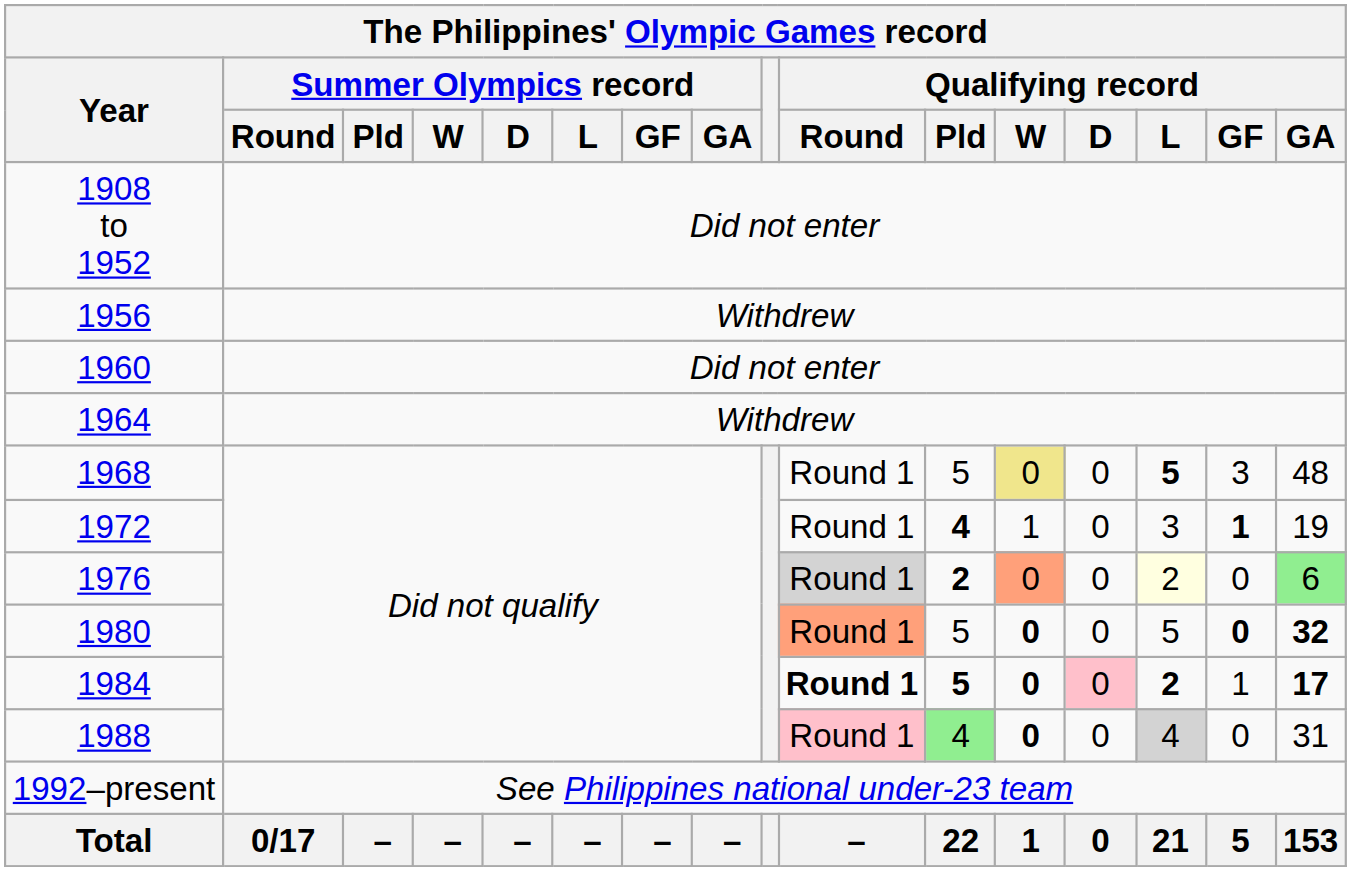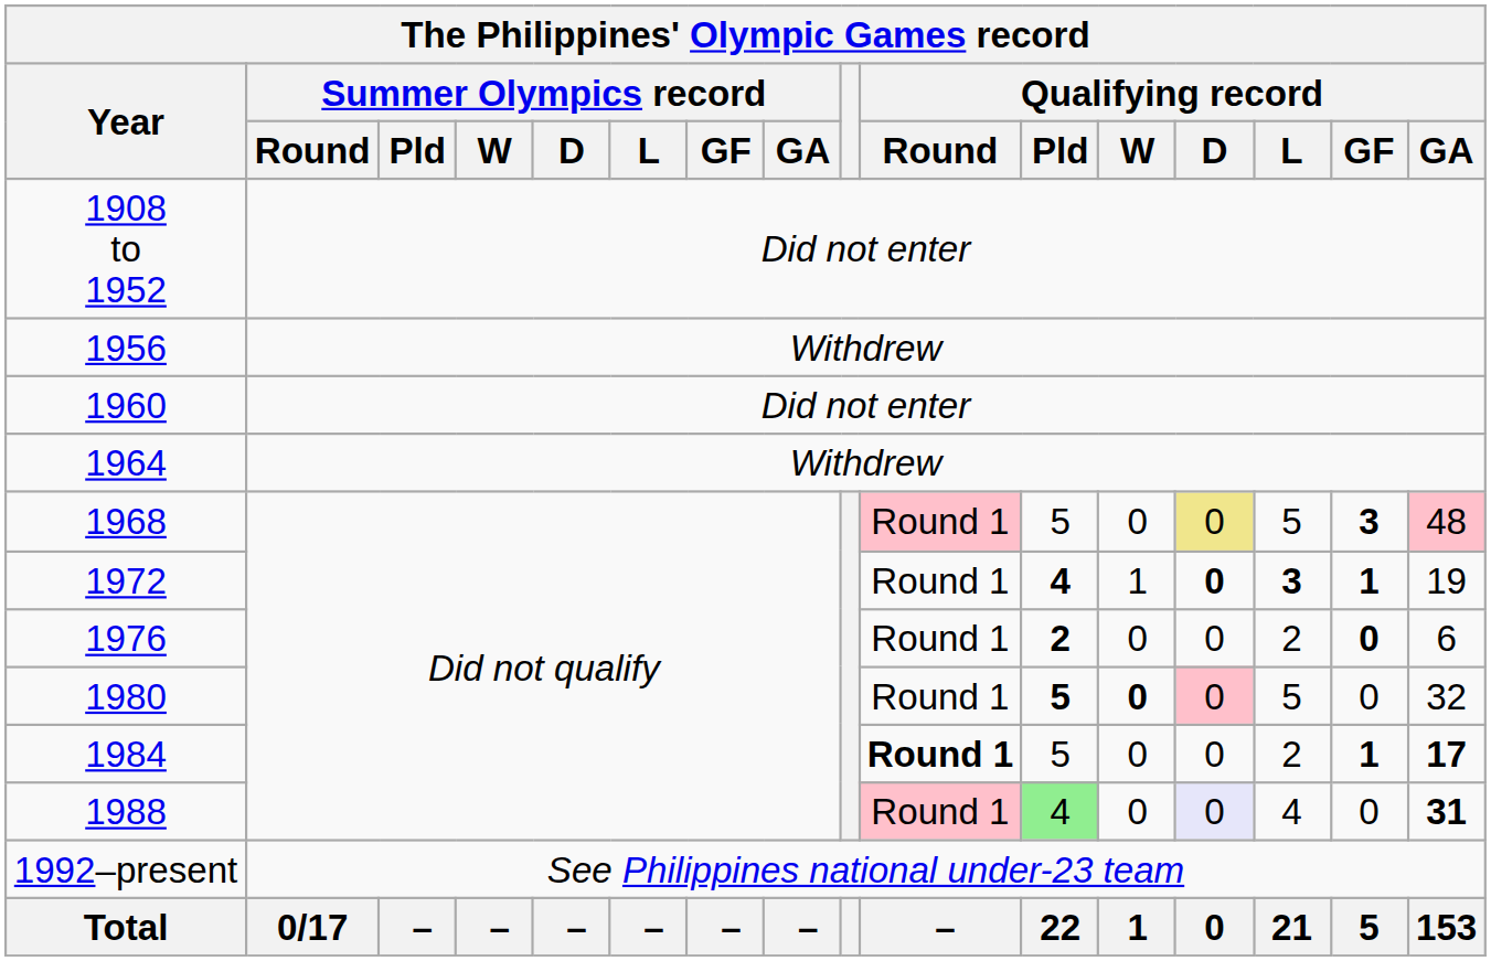 <table class="wikitable collapsible collapsed" style="text-align: center; font-size:95%">
 <tr>
 <th colspan=16>The Philippines' <a href='#'>Olympic Games</a> record</th>
 </tr>
 <tr>
 <th rowspan=2>Year</th>
 <th colspan=7><a href='#'>Summer Olympics</a> record</th>
 <th rowspan=2></th>
 <th colspan=7>Qualifying record</th>
 </tr>
 <tr>
 <th>Round</th>
 <th width=25>Pld</th>
 <th width=25>W</th>
 <th width=25>D</th>
 <th width=25>L</th>
 <th width=25>GF</th>
 <th width=25>GA</th>
 <th>Round</th>
 <th width=25>Pld</th>
 <th width=25>W</th>
 <th width=25>D</th>
 <th width=25>L</th>
 <th width=25>GF</th>
 <th width=25>GA</th>
 </tr>
 <tr>
 <td> <a href='#'>1908</a> <br> to <br>  <a href='#'>1952</a></td>
 <td colspan=15><em>Did not enter</em></td>
 </tr>
 <tr>
 <td> <a href='#'>1956</a></td>
 <td colspan=15><em>Withdrew</em></td>
 </tr>
 <tr>
 <td> <a href='#'>1960</a></td>
 <td colspan=15><em>Did not enter</em></td>
 </tr>
 <tr>
 <td> <a href='#'>1964</a></td>
 <td colspan=15><em>Withdrew</em></td>
 </tr>
 <tr>
 <td> <a href='#'>1968</a></td>
 <td colspan=7 rowspan=6><em>Did not qualify</em></td>
 <th rowspan=6></th>
-<td>Round 1</td>
+<td style="background: pink;">Round 1</td>
 <td>5</td>
+<td>0</td>
 <td style="background: khaki;">0</td>
-<td>0</td>
-<td><strong>5</strong></td>
-<td>3</td>
-<td>48</td>
+<td>5</td>
+<td><strong>3</strong></td>
+<td style="background: pink;">48</td>
 </tr>
 <tr>
 <td> <a href='#'>1972</a></td>
 <td>Round 1</td>
 <td><strong>4</strong></td>
 <td>1</td>
-<td>0</td>
-<td>3</td>
+<td><strong>0</strong></td>
+<td><strong>3</strong></td>
 <td><strong>1</strong></td>
 <td>19</td>
 </tr>
 <tr>
 <td> <a href='#'>1976</a></td>
-<td style="background: lightgrey;">Round 1</td>
+<td>Round 1</td>
 <td><strong>2</strong></td>
-<td style="background: lightsalmon;">0</td>
 <td>0</td>
-<td style="background: lightyellow;">2</td>
 <td>0</td>
-<td style="background: lightgreen;">6</td>
+<td>2</td>
+<td><strong>0</strong></td>
+<td>6</td>
 </tr>
 <tr>
 <td> <a href='#'>1980</a></td>
-<td style="background: lightsalmon;">Round 1</td>
+<td>Round 1</td>
+<td><strong>5</strong></td>
+<td><strong>0</strong></td>
+<td style="background: pink;">0</td>
 <td>5</td>
-<td><strong>0</strong></td>
 <td>0</td>
-<td>5</td>
-<td><strong>0</strong></td>
-<td><strong>32</strong></td>
+<td>32</td>
 </tr>
 <tr>
 <td> <a href='#'>1984</a></td>
 <td><strong>Round 1</strong></td>
-<td><strong>5</strong></td>
-<td><strong>0</strong></td>
-<td style="background: pink;">0</td>
-<td><strong>2</strong></td>
-<td>1</td>
+<td>5</td>
+<td>0</td>
+<td>0</td>
+<td>2</td>
+<td><strong>1</strong></td>
 <td><strong>17</strong></td>
 </tr>
 <tr>
 <td> <a href='#'>1988</a></td>
 <td style="background: pink;">Round 1</td>
 <td style="background: lightgreen;">4</td>
-<td><strong>0</strong></td>
 <td>0</td>
-<td style="background: lightgrey;">4</td>
+<td style="background: lavender;">0</td>
+<td>4</td>
 <td>0</td>
-<td>31</td>
+<td><strong>31</strong></td>
 </tr>
 <tr>
 <td><a href='#'>1992</a>–present</td>
 <td colspan=15><em>See <a href='#'>Philippines national under-23 team</a></em></td>
 </tr>
 <tr>
 <th><strong>Total</strong></th>
 <th><strong>0/17</strong></th>
 <th> –</th>
 <th> –</th>
 <th> –</th>
 <th> –</th>
 <th> –</th>
 <th> –</th>
 <th></th>
 <th> –</th>
 <th>22</th>
 <th>1</th>
 <th>0</th>
 <th>21</th>
 <th>5</th>
 <th>153</th>
 </tr>
 </table>
